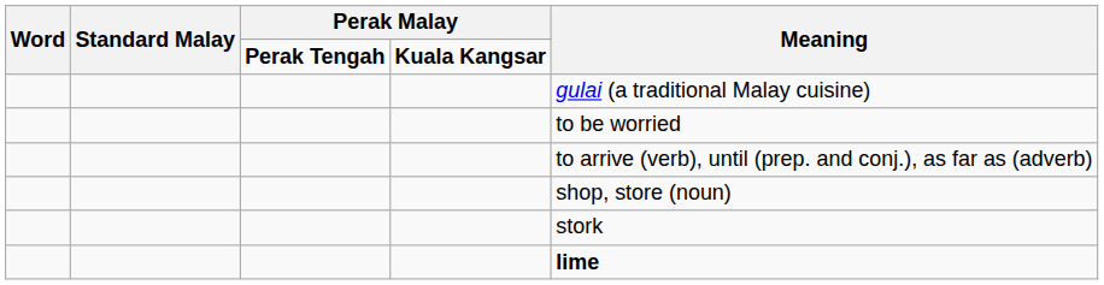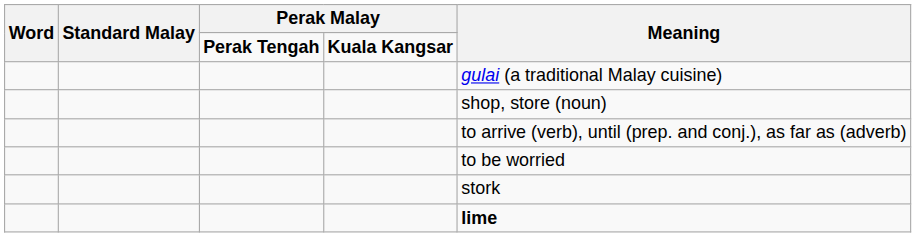 <table class="wikitable">
 <tr>
 <th rowspan="2" style="text-align: center;">Word</th>
 <th rowspan="2" style="text-align: center;">Standard Malay</th>
 <th colspan="2" style="text-align: center;">Perak Malay</th>
 <th rowspan="2" style="text-align: center;">Meaning</th>
 </tr>
 <tr>
 <td><strong>Perak Tengah</strong></td>
 <td><strong>Kuala Kangsar</strong></td>
 </tr>
 <tr>
 <td> <br> </td>
 <td></td>
 <td></td>
 <td></td>
 <td><em><a href='#'>gulai</a></em> (a traditional Malay cuisine)</td>
 </tr>
 <tr>
 <td> <br> </td>
 <td></td>
 <td></td>
 <td></td>
-<td>to be worried</td>
+<td>shop, store (noun)</td>
 </tr>
 <tr>
 <td> <br> </td>
 <td></td>
 <td></td>
 <td></td>
 <td>to arrive (verb), until (prep. and conj.), as far as (adverb)</td>
 </tr>
 <tr>
 <td> <br> </td>
 <td></td>
 <td></td>
 <td></td>
-<td>shop, store (noun)</td>
+<td>to be worried</td>
 </tr>
 <tr>
 <td> <br> </td>
 <td></td>
 <td></td>
 <td></td>
 <td>stork</td>
 </tr>
 <tr>
 <td> <br> </td>
 <td></td>
 <td></td>
 <td></td>
 <td><strong>lime</strong></td>
 </tr>
 </table>
